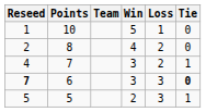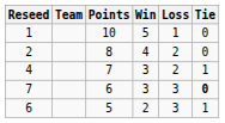 <table class=wikitable style=text-align:center>
 <tr>
 <th>Reseed</th>
+<th>Team</th>
 <th>Points</th>
-<th>Team</th>
 <th>Win</th>
 <th>Loss</th>
 <th>Tie</th>
 </tr>
 <tr>
 <td>1</td>
+<td align=left></td>
 <td>10</td>
-<td align=left></td>
 <td>5</td>
 <td>1</td>
 <td>0</td>
 </tr>
 <tr>
 <td>2</td>
+<td align=left></td>
 <td>8</td>
-<td align=left></td>
 <td>4</td>
 <td>2</td>
 <td>0</td>
 </tr>
 <tr>
 <td>4</td>
+<td align=left></td>
 <td>7</td>
-<td align=left></td>
 <td>3</td>
 <td>2</td>
 <td>1</td>
 </tr>
 <tr>
-<td><strong>7</strong></td>
+<td>7</td>
+<td align=left></td>
 <td>6</td>
-<td align=left></td>
 <td>3</td>
 <td>3</td>
 <td><strong>0</strong></td>
 </tr>
 <tr>
+<td>6</td>
+<td align=left></td>
 <td>5</td>
-<td>5</td>
-<td align=left></td>
 <td>2</td>
 <td>3</td>
 <td>1</td>
 </tr>
 </table>
